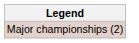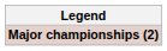 <table class="wikitable" style="font-size:95%;">
 <tr>
 <th>Legend</th>
 </tr>
 <tr style="background:#e5d1cb;">
-<td>Major championships (2)</td>
+<td><strong>Major championships (2)</strong></td>
 </tr>
 </table>
